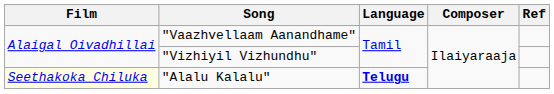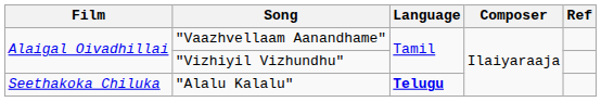 <table class="wikitable sortable" style="font-size:95%;">
 <tr>
 <th>Film</th>
 <th>Song</th>
 <th>Language</th>
 <th>Composer</th>
 <th>Ref</th>
 </tr>
 <tr>
 <td rowspan="2"><em><a href='#'>Alaigal Oivadhillai</a></em></td>
 <td>"Vaazhvellaam Aanandhame"</td>
 <td rowspan="2"><a href='#'>Tamil</a></td>
 <td rowspan="3">Ilaiyaraaja</td>
 <td></td>
 </tr>
 <tr>
 <td>"Vizhiyil Vizhundhu"</td>
 <td></td>
 </tr>
 <tr>
-<td style="background: lightyellow;"><em><a href='#'>Seethakoka Chiluka</a></em></td>
+<td><em><a href='#'>Seethakoka Chiluka</a></em></td>
 <td>"Alalu Kalalu"</td>
 <td><strong><a href='#'>Telugu</a></strong></td>
 <td></td>
 </tr>
 </table>
